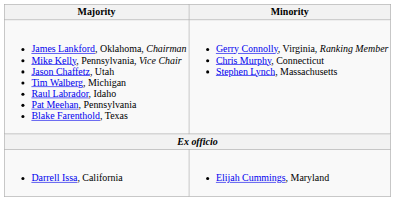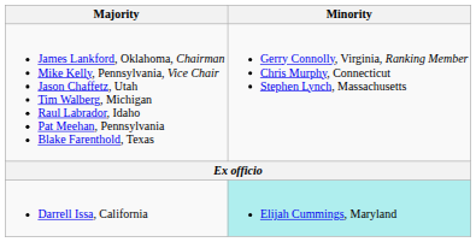 <table class=wikitable>
 <tr>
 <th>Majority</th>
 <th>Minority</th>
 </tr>
 <tr valign=top>
 <td><br><ul><li><a href='#'>James Lankford</a>, Oklahoma, <em>Chairman</em></li><li><a href='#'>Mike Kelly</a>, Pennsylvania, <em>Vice Chair</em></li><li><a href='#'>Jason Chaffetz</a>, Utah</li><li><a href='#'>Tim Walberg</a>, Michigan</li><li><a href='#'>Raul Labrador</a>, Idaho</li><li><a href='#'>Pat Meehan</a>, Pennsylvania</li><li><a href='#'>Blake Farenthold</a>, Texas</li></ul></td>
 <td><br><ul><li><a href='#'>Gerry Connolly</a>, Virginia, <em>Ranking Member</em></li><li><a href='#'>Chris Murphy</a>, Connecticut</li><li><a href='#'>Stephen Lynch</a>, Massachusetts</li></ul></td>
 </tr>
 <tr>
 <th colspan=2><em>Ex officio</em></th>
 </tr>
 <tr>
 <td><br><ul><li><a href='#'>Darrell Issa</a>, California</li></ul></td>
-<td><br><ul><li><a href='#'>Elijah Cummings</a>, Maryland</li></ul></td>
+<td style="background: paleturquoise;"><br><ul><li><a href='#'>Elijah Cummings</a>, Maryland</li></ul></td>
 </tr>
 </table>
